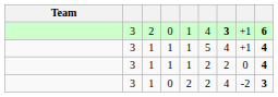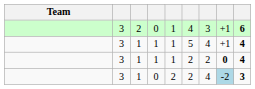 <table class="wikitable" style="text-align: center;">
 <tr>
 <th width="165">Team</th>
 <th width="20"></th>
 <th width="20"></th>
 <th width="20"></th>
 <th width="20"></th>
 <th width="20"></th>
 <th width="20"></th>
 <th width="20"></th>
 <th width="20"></th>
 </tr>
 <tr bgcolor="#ccffcc">
 <td align=left></td>
 <td>3</td>
 <td>2</td>
 <td>0</td>
 <td>1</td>
 <td>4</td>
-<td><strong>3</strong></td>
+<td>3</td>
 <td>+1</td>
 <td><strong>6</strong></td>
 </tr>
 <tr>
 <td align=left></td>
 <td>3</td>
 <td>1</td>
 <td>1</td>
 <td>1</td>
 <td>5</td>
 <td>4</td>
 <td>+1</td>
 <td><strong>4</strong></td>
 </tr>
 <tr>
 <td align=left></td>
 <td>3</td>
 <td>1</td>
 <td>1</td>
 <td>1</td>
 <td>2</td>
 <td>2</td>
-<td>0</td>
+<td><strong>0</strong></td>
 <td><strong>4</strong></td>
 </tr>
 <tr>
 <td align=left></td>
 <td>3</td>
 <td>1</td>
 <td>0</td>
 <td>2</td>
 <td>2</td>
 <td>4</td>
-<td>-2</td>
+<td style="background: lightblue;">-2</td>
 <td><strong>3</strong></td>
 </tr>
 </table>
